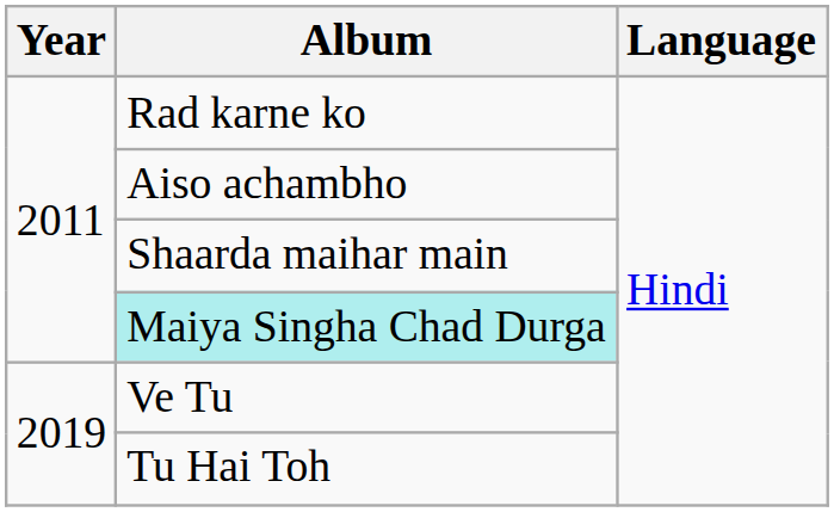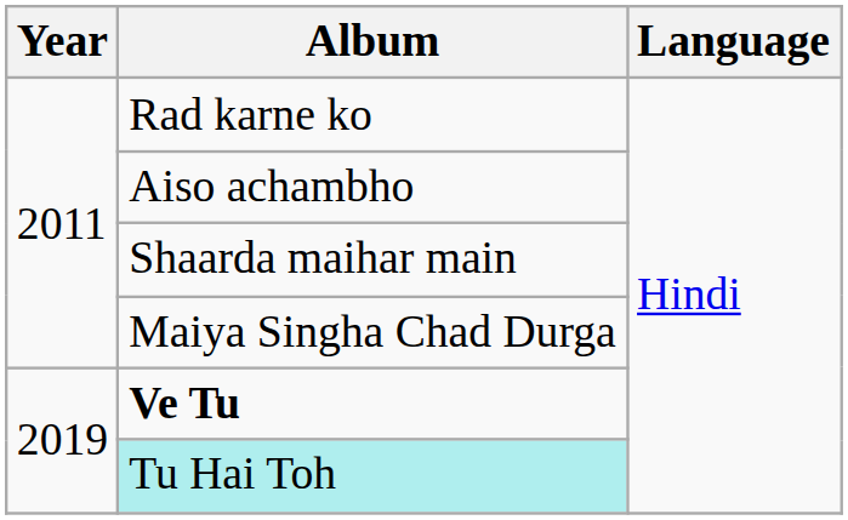 <table class="wikitable">
 <tr>
 <th>Year</th>
 <th>Album</th>
 <th>Language</th>
 </tr>
 <tr>
 <td rowspan=4>2011</td>
 <td>Rad karne ko</td>
 <td rowspan=6><a href='#'>Hindi</a></td>
 </tr>
 <tr>
 <td>Aiso achambho</td>
 </tr>
 <tr>
 <td>Shaarda maihar main</td>
 </tr>
 <tr>
-<td style="background: paleturquoise;">Maiya Singha Chad Durga</td>
+<td>Maiya Singha Chad Durga</td>
 </tr>
 <tr>
 <td rowspan=2>2019</td>
-<td>Ve Tu</td>
+<td><strong>Ve Tu</strong></td>
 </tr>
 <tr>
-<td>Tu Hai Toh</td>
+<td style="background: paleturquoise;">Tu Hai Toh</td>
 </tr>
 </table>
